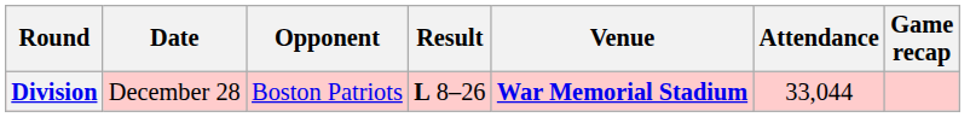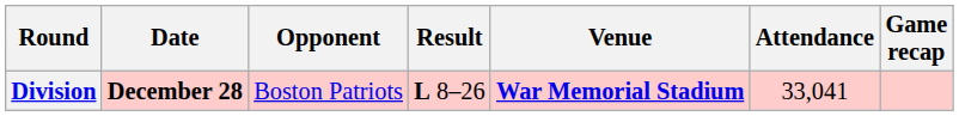 <table class="wikitable" style="text-align:center">
 <tr>
 <th>Round</th>
 <th>Date</th>
 <th>Opponent</th>
 <th>Result</th>
 <th>Venue</th>
 <th>Attendance</th>
 <th>Game<br>recap</th>
 </tr>
 <tr style="background:#fcc">
 <th><a href='#'>Division</a></th>
-<td>December 28</td>
+<td><strong>December 28</strong></td>
 <td><a href='#'>Boston Patriots</a></td>
 <td><strong>L</strong> 8–26</td>
 <td><strong><a href='#'>War Memorial Stadium</a></strong></td>
-<td>33,044</td>
+<td>33,041</td>
 <td></td>
 </tr>
 </table>
